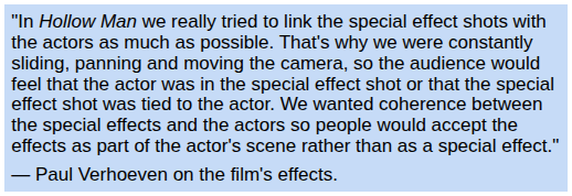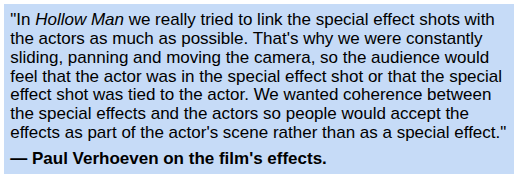 <table class="toccolours" style="float: left; margin-left: 0em; margin-right: 1em; font-size: 85%; background:#c6dbf7; color:black; width:30em; max-width: 40%;" cellspacing="4">
 <tr>
 <td style="text-align: left;">"In <em>Hollow Man</em> we really tried to link the special effect shots with the actors as much as possible. That's why we were constantly sliding, panning and moving the camera, so the audience would feel that the actor was in the special effect shot or that the special effect shot was tied to the actor. We wanted coherence between the special effects and the actors so people would accept the effects as part of the actor's scene rather than as a special effect."</td>
 </tr>
 <tr>
-<td style="text-align:left;">— Paul Verhoeven on the film's effects.</td>
+<td style="text-align:left;"><strong>— Paul Verhoeven on the film's effects.</strong></td>
 </tr>
 </table>
